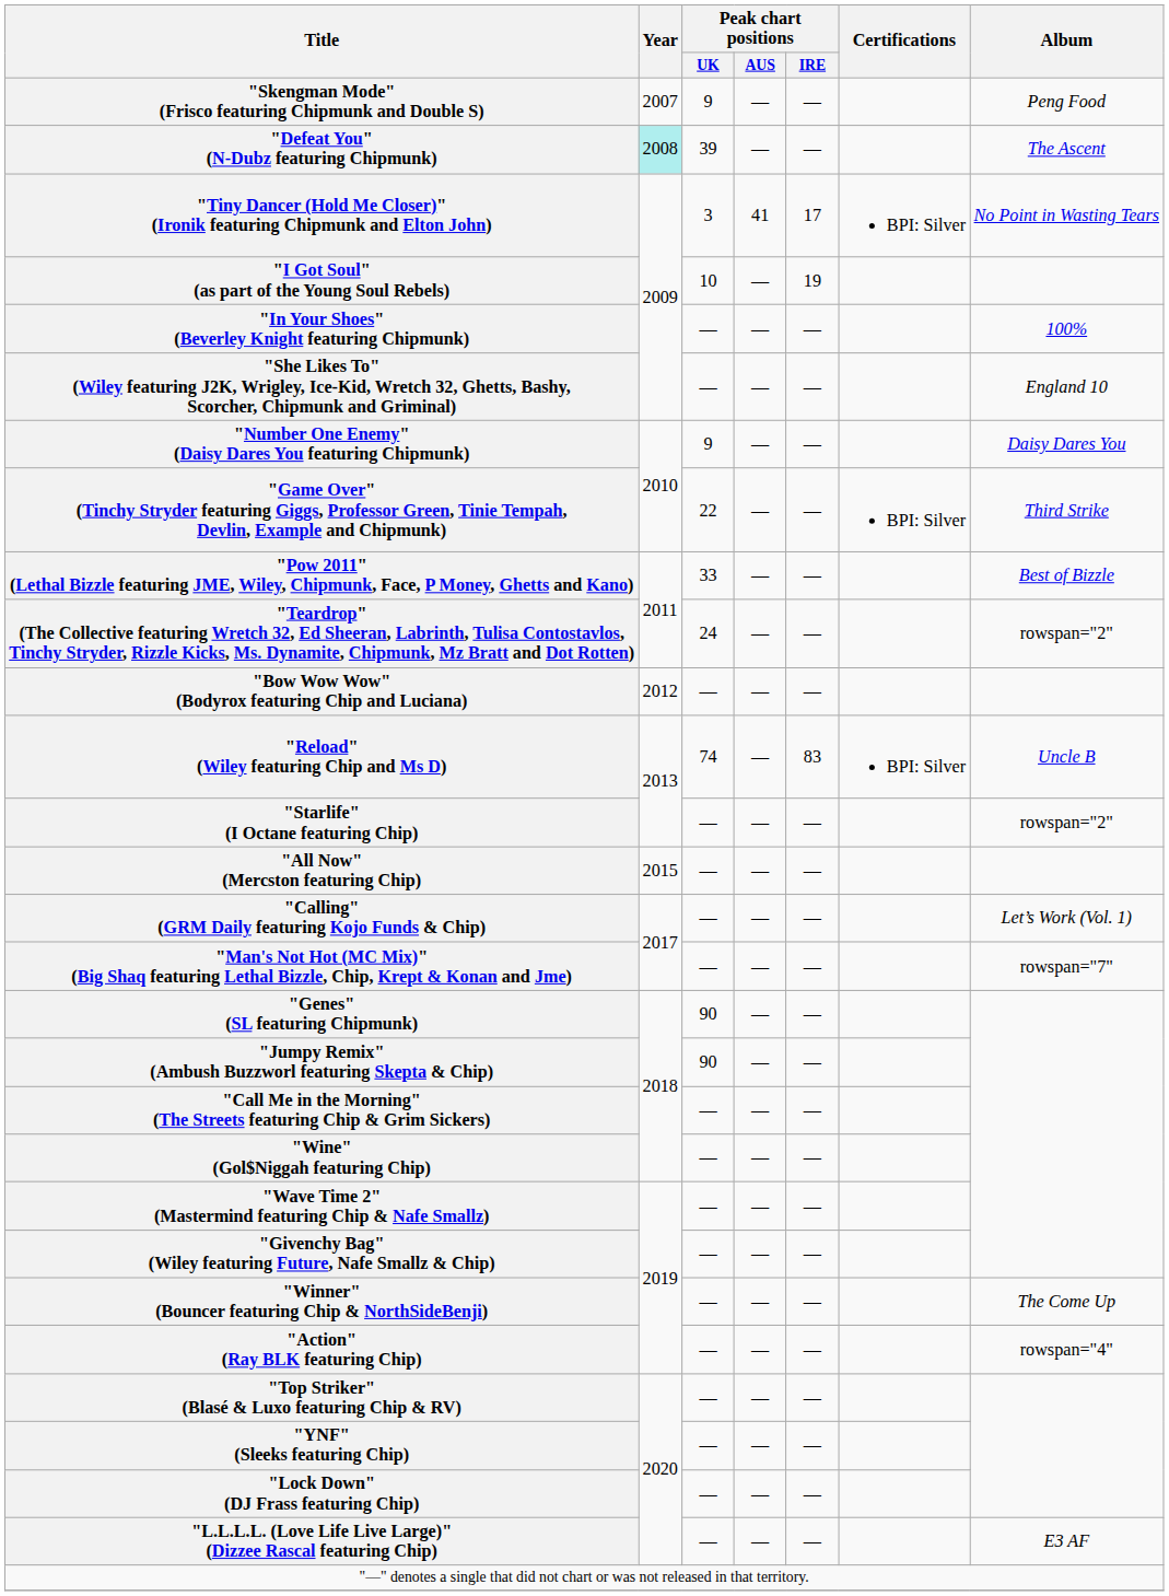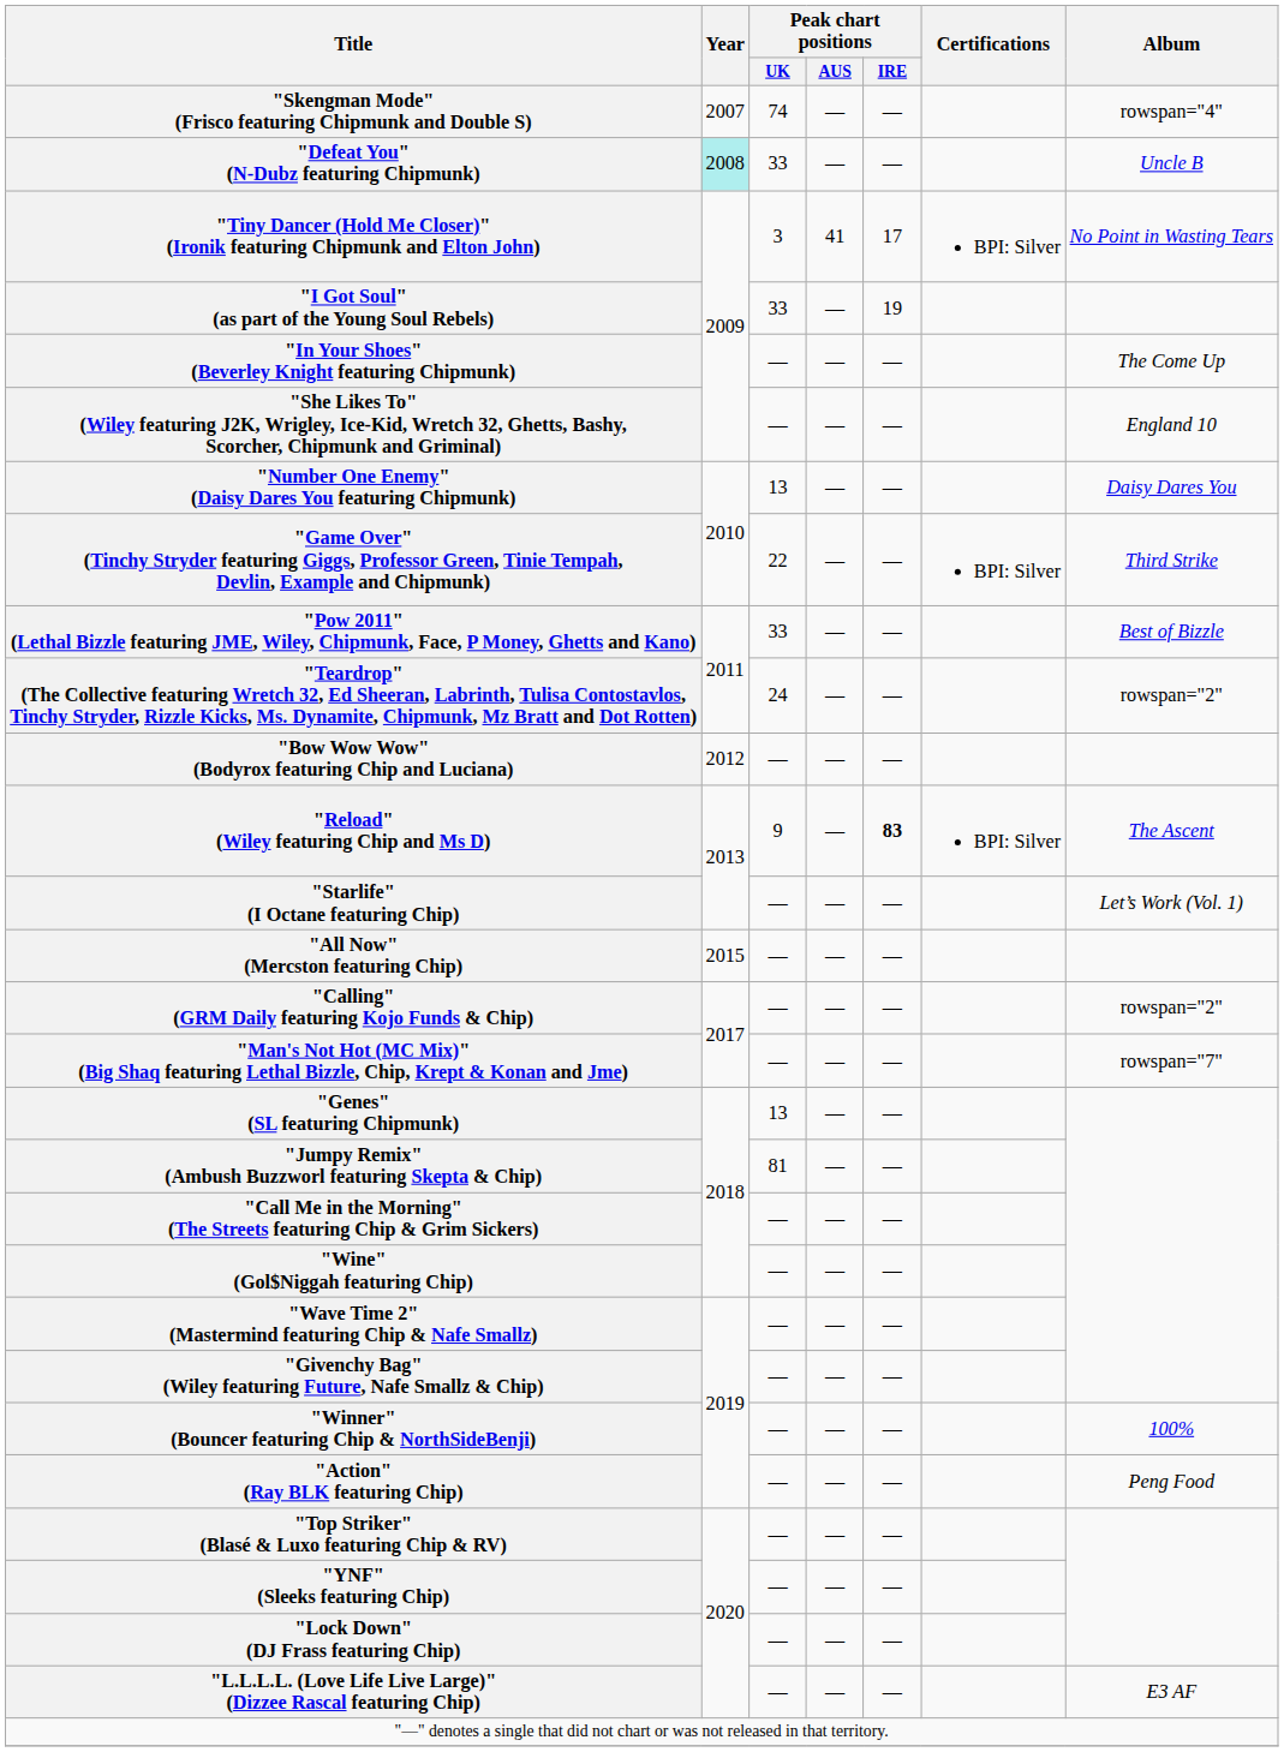 <table class="wikitable plainrowheaders" style="text-align:center;">
 <tr>
 <th scope="col" rowspan="2">Title</th>
 <th scope="col" rowspan="2">Year</th>
 <th scope="col" colspan="3">Peak chart positions</th>
 <th scope="col" rowspan="2">Certifications</th>
 <th scope="col" rowspan="2">Album</th>
 </tr>
 <tr>
 <th scope="col" style="width:3em;font-size:85%;"><a href='#'>UK</a><br></th>
 <th scope="col" style="width:3em;font-size:85%;"><a href='#'>AUS</a><br></th>
 <th scope="col" style="width:3em;font-size:85%;"><a href='#'>IRE</a><br></th>
 </tr>
 <tr>
 <th scope="row">"Skengman Mode" <br><span> (Frisco featuring Chipmunk and Double S) </span></th>
 <td>2007</td>
-<td>9</td>
+<td>74</td>
 <td>—</td>
 <td>—</td>
 <td></td>
-<td><em>Peng Food</em></td>
+<td>rowspan="4" </td>
 </tr>
 <tr>
 <th scope="row">"<a href='#'>Defeat You</a>"<br><span>(<a href='#'>N-Dubz</a> featuring Chipmunk)</span></th>
 <td style="background: paleturquoise;">2008</td>
-<td>39</td>
+<td>33</td>
 <td>—</td>
 <td>—</td>
 <td></td>
-<td><em><a href='#'>The Ascent</a></em></td>
+<td><em><a href='#'>Uncle B</a></em></td>
 </tr>
 <tr>
 <th scope="row">"<a href='#'>Tiny Dancer (Hold Me Closer)</a>"<br><span>(<a href='#'>Ironik</a> featuring Chipmunk and <a href='#'>Elton John</a>)</span></th>
 <td rowspan="4">2009</td>
 <td>3</td>
 <td>41</td>
 <td>17</td>
 <td><br><ul><li>BPI: Silver</li></ul></td>
 <td><em><a href='#'>No Point in Wasting Tears</a></em></td>
 </tr>
 <tr>
 <th scope="row">"<a href='#'>I Got Soul</a>"<br><span>(as part of the Young Soul Rebels)</span></th>
-<td>10</td>
+<td>33</td>
 <td>—</td>
 <td>19</td>
 <td></td>
 <td></td>
 </tr>
 <tr>
 <th scope="row">"<a href='#'>In Your Shoes</a>"<br><span>(<a href='#'>Beverley Knight</a> featuring Chipmunk)</span></th>
 <td>—</td>
 <td>—</td>
 <td>—</td>
 <td></td>
-<td><em><a href='#'>100%</a></em></td>
+<td><em>The Come Up</em></td>
 </tr>
 <tr>
 <th scope="row">"She Likes To"<br><span>(<a href='#'>Wiley</a> featuring J2K, Wrigley, Ice-Kid, Wretch 32, Ghetts, Bashy,<br> Scorcher, Chipmunk and Griminal)</span></th>
 <td>—</td>
 <td>—</td>
 <td>—</td>
 <td></td>
 <td><em>England 10</em></td>
 </tr>
 <tr>
 <th scope="row">"<a href='#'>Number One Enemy</a>"<br><span>(<a href='#'>Daisy Dares You</a> featuring Chipmunk)</span></th>
 <td rowspan="2">2010</td>
-<td>9</td>
+<td>13</td>
 <td>—</td>
 <td>—</td>
 <td></td>
 <td><em><a href='#'>Daisy Dares You</a></em></td>
 </tr>
 <tr>
 <th scope="row">"<a href='#'>Game Over</a>"<br><span>(<a href='#'>Tinchy Stryder</a> featuring <a href='#'>Giggs</a>, <a href='#'>Professor Green</a>, <a href='#'>Tinie Tempah</a>,<br> <a href='#'>Devlin</a>, <a href='#'>Example</a> and Chipmunk)</span></th>
 <td>22</td>
 <td>—</td>
 <td>—</td>
 <td><br><ul><li>BPI: Silver</li></ul></td>
 <td><em><a href='#'>Third Strike</a></em></td>
 </tr>
 <tr>
 <th scope="row">"<a href='#'>Pow 2011</a>"<br><span>(<a href='#'>Lethal Bizzle</a> featuring <a href='#'>JME</a>, <a href='#'>Wiley</a>, <a href='#'>Chipmunk</a>, Face, <a href='#'>P Money</a>, <a href='#'>Ghetts</a> and <a href='#'>Kano</a>)</span></th>
 <td rowspan="2">2011</td>
 <td>33</td>
 <td>—</td>
 <td>—</td>
 <td></td>
 <td><em><a href='#'>Best of Bizzle</a></em></td>
 </tr>
 <tr>
 <th scope="row">"<a href='#'>Teardrop</a>"<br><span>(The Collective featuring <a href='#'>Wretch 32</a>, <a href='#'>Ed Sheeran</a>, <a href='#'>Labrinth</a>, <a href='#'>Tulisa Contostavlos</a>,<br> <a href='#'>Tinchy Stryder</a>, <a href='#'>Rizzle Kicks</a>, <a href='#'>Ms. Dynamite</a>, <a href='#'>Chipmunk</a>, <a href='#'>Mz Bratt</a> and <a href='#'>Dot Rotten</a>)</span></th>
 <td>24</td>
 <td>—</td>
 <td>—</td>
 <td></td>
 <td>rowspan="2" </td>
 </tr>
 <tr>
 <th scope="row">"Bow Wow Wow"<br><span>(Bodyrox featuring Chip and Luciana)</span></th>
 <td>2012</td>
 <td>—</td>
 <td>—</td>
 <td>—</td>
 <td></td>
 </tr>
 <tr>
 <th scope="row">"<a href='#'>Reload</a>"<br><span>(<a href='#'>Wiley</a> featuring Chip and <a href='#'>Ms D</a>)</span></th>
 <td rowspan="2">2013</td>
-<td>74</td>
+<td>9</td>
 <td>—</td>
-<td>83</td>
+<td><strong>83</strong></td>
 <td><br><ul><li>BPI: Silver</li></ul></td>
-<td><em><a href='#'>Uncle B</a></em></td>
+<td><em><a href='#'>The Ascent</a></em></td>
 </tr>
 <tr>
 <th scope="row">"Starlife"<br><span>(I Octane featuring Chip)</span></th>
 <td>—</td>
 <td>—</td>
 <td>—</td>
 <td></td>
-<td>rowspan="2" </td>
+<td><em>Let’s Work (Vol. 1)</em></td>
 </tr>
 <tr>
 <th scope="row">"All Now"<br><span>(Mercston featuring Chip)</span></th>
 <td>2015</td>
 <td>—</td>
 <td>—</td>
 <td>—</td>
 <td></td>
 </tr>
 <tr>
 <th scope="row">"Calling"<br><span>(<a href='#'>GRM Daily</a> featuring <a href='#'>Kojo Funds</a> & Chip)</span></th>
 <td rowspan="2">2017</td>
 <td>—</td>
 <td>—</td>
 <td>—</td>
 <td></td>
-<td><em>Let’s Work (Vol. 1)</em></td>
+<td>rowspan="2" </td>
 </tr>
 <tr>
 <th scope="row">"<a href='#'>Man's Not Hot (MC Mix)</a>"<br><span>(<a href='#'>Big Shaq</a> featuring <a href='#'>Lethal Bizzle</a>, Chip, <a href='#'>Krept & Konan</a> and <a href='#'>Jme</a>)</span></th>
 <td>—</td>
 <td>—</td>
 <td>—</td>
 <td></td>
 <td>rowspan="7" </td>
 </tr>
 <tr>
 <th scope="row">"Genes"<br><span>(<a href='#'>SL</a> featuring Chipmunk)</span></th>
 <td rowspan="4">2018</td>
-<td>90</td>
+<td>13</td>
 <td>—</td>
 <td>—</td>
 <td></td>
 </tr>
 <tr>
 <th scope="row">"Jumpy Remix"<br><span>(Ambush Buzzworl featuring <a href='#'>Skepta</a> & Chip)</span></th>
-<td>90</td>
+<td>81</td>
 <td>—</td>
 <td>—</td>
 <td></td>
 </tr>
 <tr>
 <th scope="row">"Call Me in the Morning"<br><span>(<a href='#'>The Streets</a> featuring Chip & Grim Sickers)</span></th>
 <td>—</td>
 <td>—</td>
 <td>—</td>
 <td></td>
 </tr>
 <tr>
 <th scope="row">"Wine"<br><span>(Gol$Niggah featuring Chip)</span></th>
 <td>—</td>
 <td>—</td>
 <td>—</td>
 <td></td>
 </tr>
 <tr>
 <th scope="row">"Wave Time 2"<br><span>(Mastermind featuring Chip & <a href='#'>Nafe Smallz</a>)</span></th>
 <td rowspan="4">2019</td>
 <td>—</td>
 <td>—</td>
 <td>—</td>
 <td></td>
 </tr>
 <tr>
 <th scope="row">"Givenchy Bag"<br><span>(Wiley featuring <a href='#'>Future</a>, Nafe Smallz & Chip)</span></th>
 <td>—</td>
 <td>—</td>
 <td>—</td>
 <td></td>
 </tr>
 <tr>
 <th scope="row">"Winner"<br><span>(Bouncer featuring Chip & <a href='#'>NorthSideBenji</a>)</span></th>
 <td>—</td>
 <td>—</td>
 <td>—</td>
 <td></td>
-<td><em>The Come Up</em></td>
+<td><em><a href='#'>100%</a></em></td>
 </tr>
 <tr>
 <th scope="row">"Action"<br><span>(<a href='#'>Ray BLK</a> featuring Chip)</span></th>
 <td>—</td>
 <td>—</td>
 <td>—</td>
 <td></td>
-<td>rowspan="4" </td>
+<td><em>Peng Food</em></td>
 </tr>
 <tr>
 <th scope="row">"Top Striker"<br><span>(Blasé & Luxo featuring Chip & RV)</span></th>
 <td rowspan="4">2020</td>
 <td>—</td>
 <td>—</td>
 <td>—</td>
 <td></td>
 </tr>
 <tr>
 <th scope="row">"YNF"<br><span>(Sleeks featuring Chip)</span></th>
 <td>—</td>
 <td>—</td>
 <td>—</td>
 <td></td>
 </tr>
 <tr>
 <th scope="row">"Lock Down"<br><span>(DJ Frass featuring Chip)</span></th>
 <td>—</td>
 <td>—</td>
 <td>—</td>
 <td></td>
 </tr>
 <tr>
 <th scope="row">"L.L.L.L. (Love Life Live Large)"<br><span>(<a href='#'>Dizzee Rascal</a> featuring Chip)</span></th>
 <td>—</td>
 <td>—</td>
 <td>—</td>
 <td></td>
 <td><em>E3 AF</em></td>
 </tr>
 <tr>
 <td colspan="20" style="font-size:85%">"—" denotes a single that did not chart or was not released in that territory.</td>
 </tr>
 <tr>
 </tr>
 </table>
